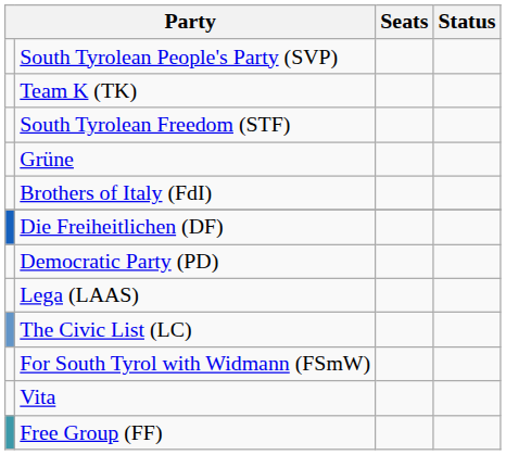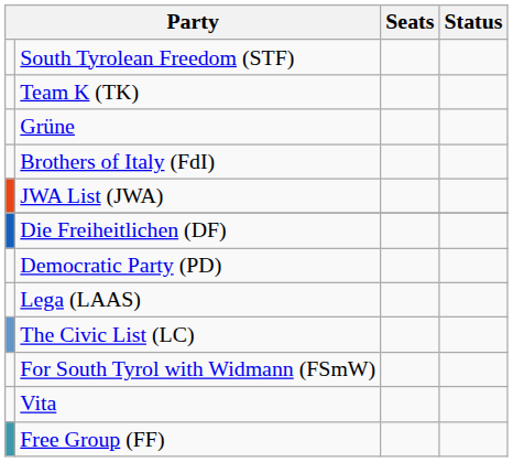 <table class=wikitable>
 <tr>
 <th colspan=2>Party</th>
 <th>Seats</th>
 <th>Status</th>
 </tr>
 <tr>
-<td></td>
-<td><a href='#'>South Tyrolean People's Party</a> (SVP)</td>
+<td style="color:inherit;background:"></td>
+<td><a href='#'>South Tyrolean Freedom</a> (STF)</td>
 <td></td>
 <td></td>
 </tr>
 <tr>
 <td></td>
 <td><a href='#'>Team K</a> (TK)</td>
-<td></td>
-<td></td>
-</tr>
-<tr>
-<td style="color:inherit;background:"></td>
-<td><a href='#'>South Tyrolean Freedom</a> (STF)</td>
 <td></td>
 <td></td>
 </tr>
 <tr>
 <td></td>
 <td><a href='#'>Grüne</a></td>
 <td></td>
 <td></td>
 </tr>
 <tr>
 <td></td>
 <td><a href='#'>Brothers of Italy</a> (FdI)</td>
+<td></td>
+<td></td>
+</tr>
+<tr>
+<td style="color:inherit;background:#E74617"></td>
+<td><a href='#'>JWA List</a> (JWA)</td>
 <td></td>
 <td></td>
 </tr>
 <tr>
 </tr>
 <tr>
 <td style="color:inherit;background:#1560BD"></td>
 <td><a href='#'>Die Freiheitlichen</a> (DF)</td>
 <td></td>
 <td></td>
 </tr>
 <tr>
 <td></td>
 <td><a href='#'>Democratic Party</a> (PD)</td>
 <td></td>
 <td></td>
 </tr>
 <tr>
 <td></td>
 <td><a href='#'>Lega</a> (LAAS)</td>
 <td></td>
 <td></td>
 </tr>
 <tr>
 <td style="color:inherit;background:#6295C8"></td>
 <td><a href='#'>The Civic List</a> (LC)</td>
 <td></td>
 <td></td>
 </tr>
 <tr>
 <td></td>
 <td><a href='#'>For South Tyrol with Widmann</a> (FSmW)</td>
 <td></td>
 <td></td>
 </tr>
 <tr>
 <td></td>
 <td><a href='#'>Vita</a></td>
 <td></td>
 <td></td>
 </tr>
 <tr>
 <td style="color:inherit;background:#3C99A9"></td>
 <td><a href='#'>Free Group</a> (FF)</td>
 <td></td>
 <td></td>
 </tr>
 </table>
